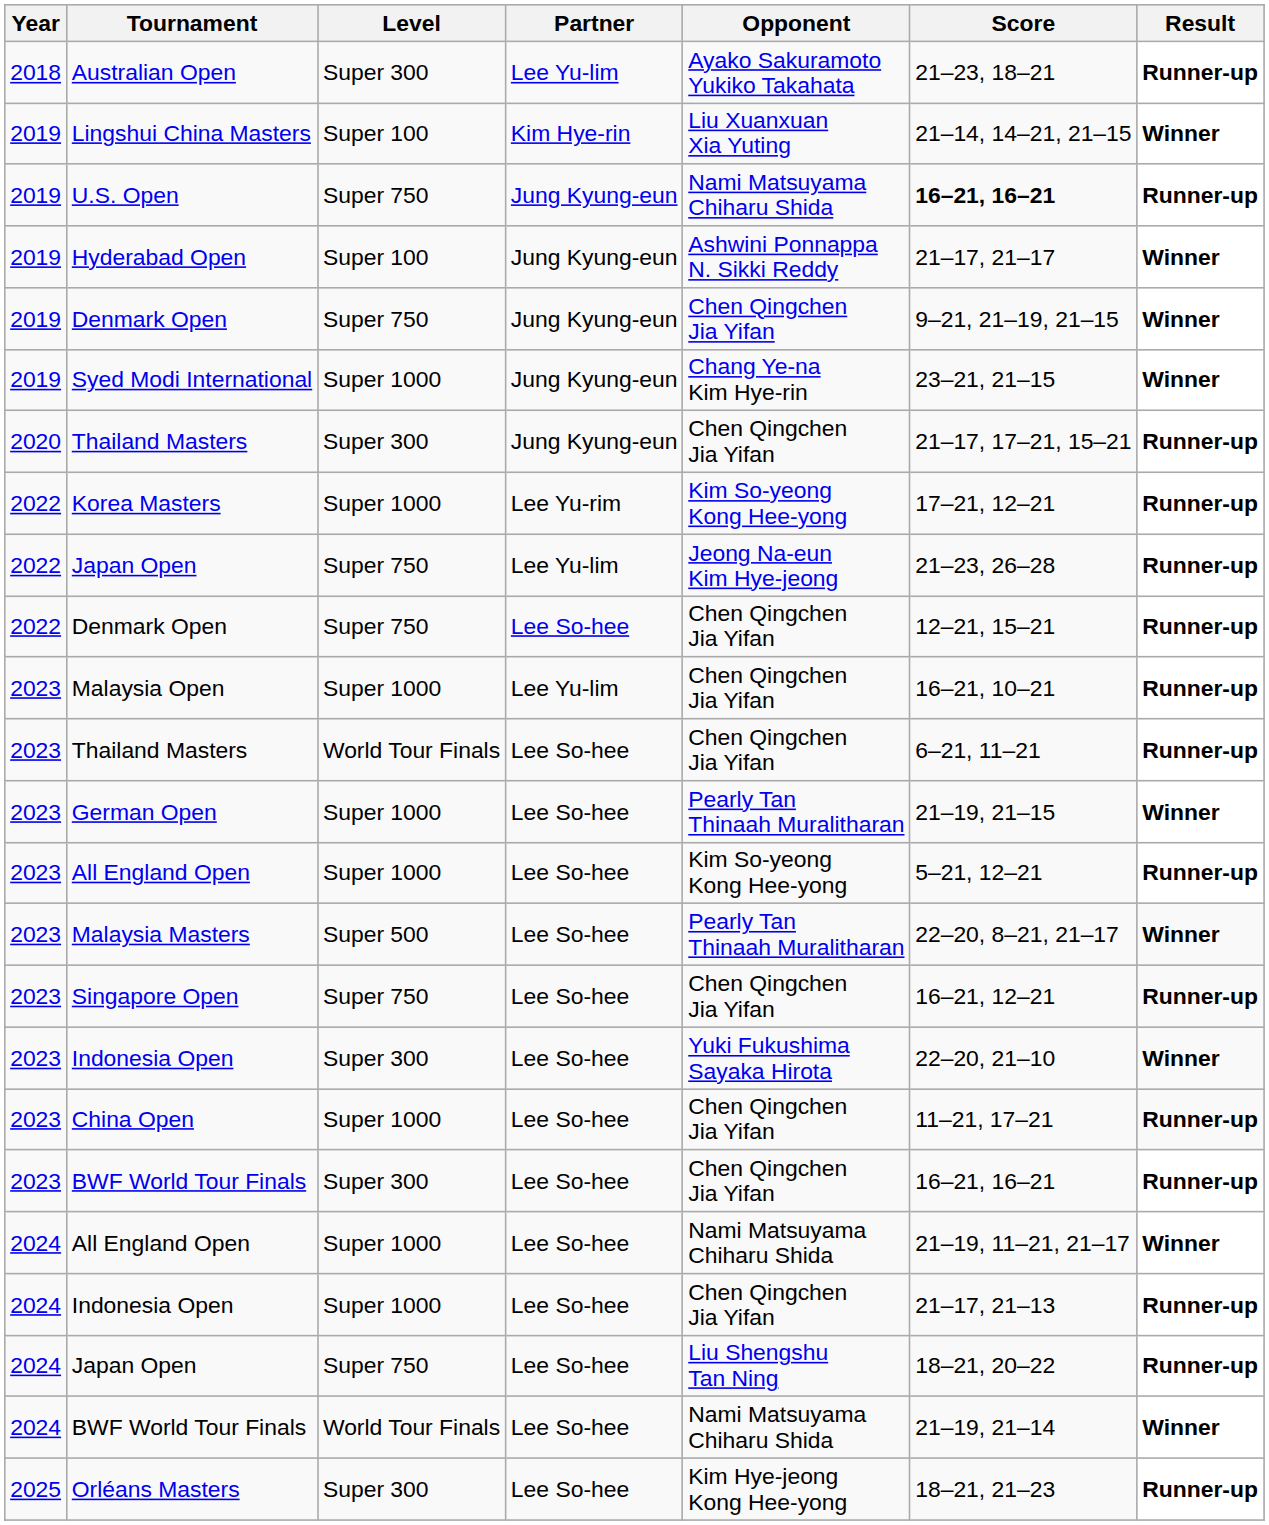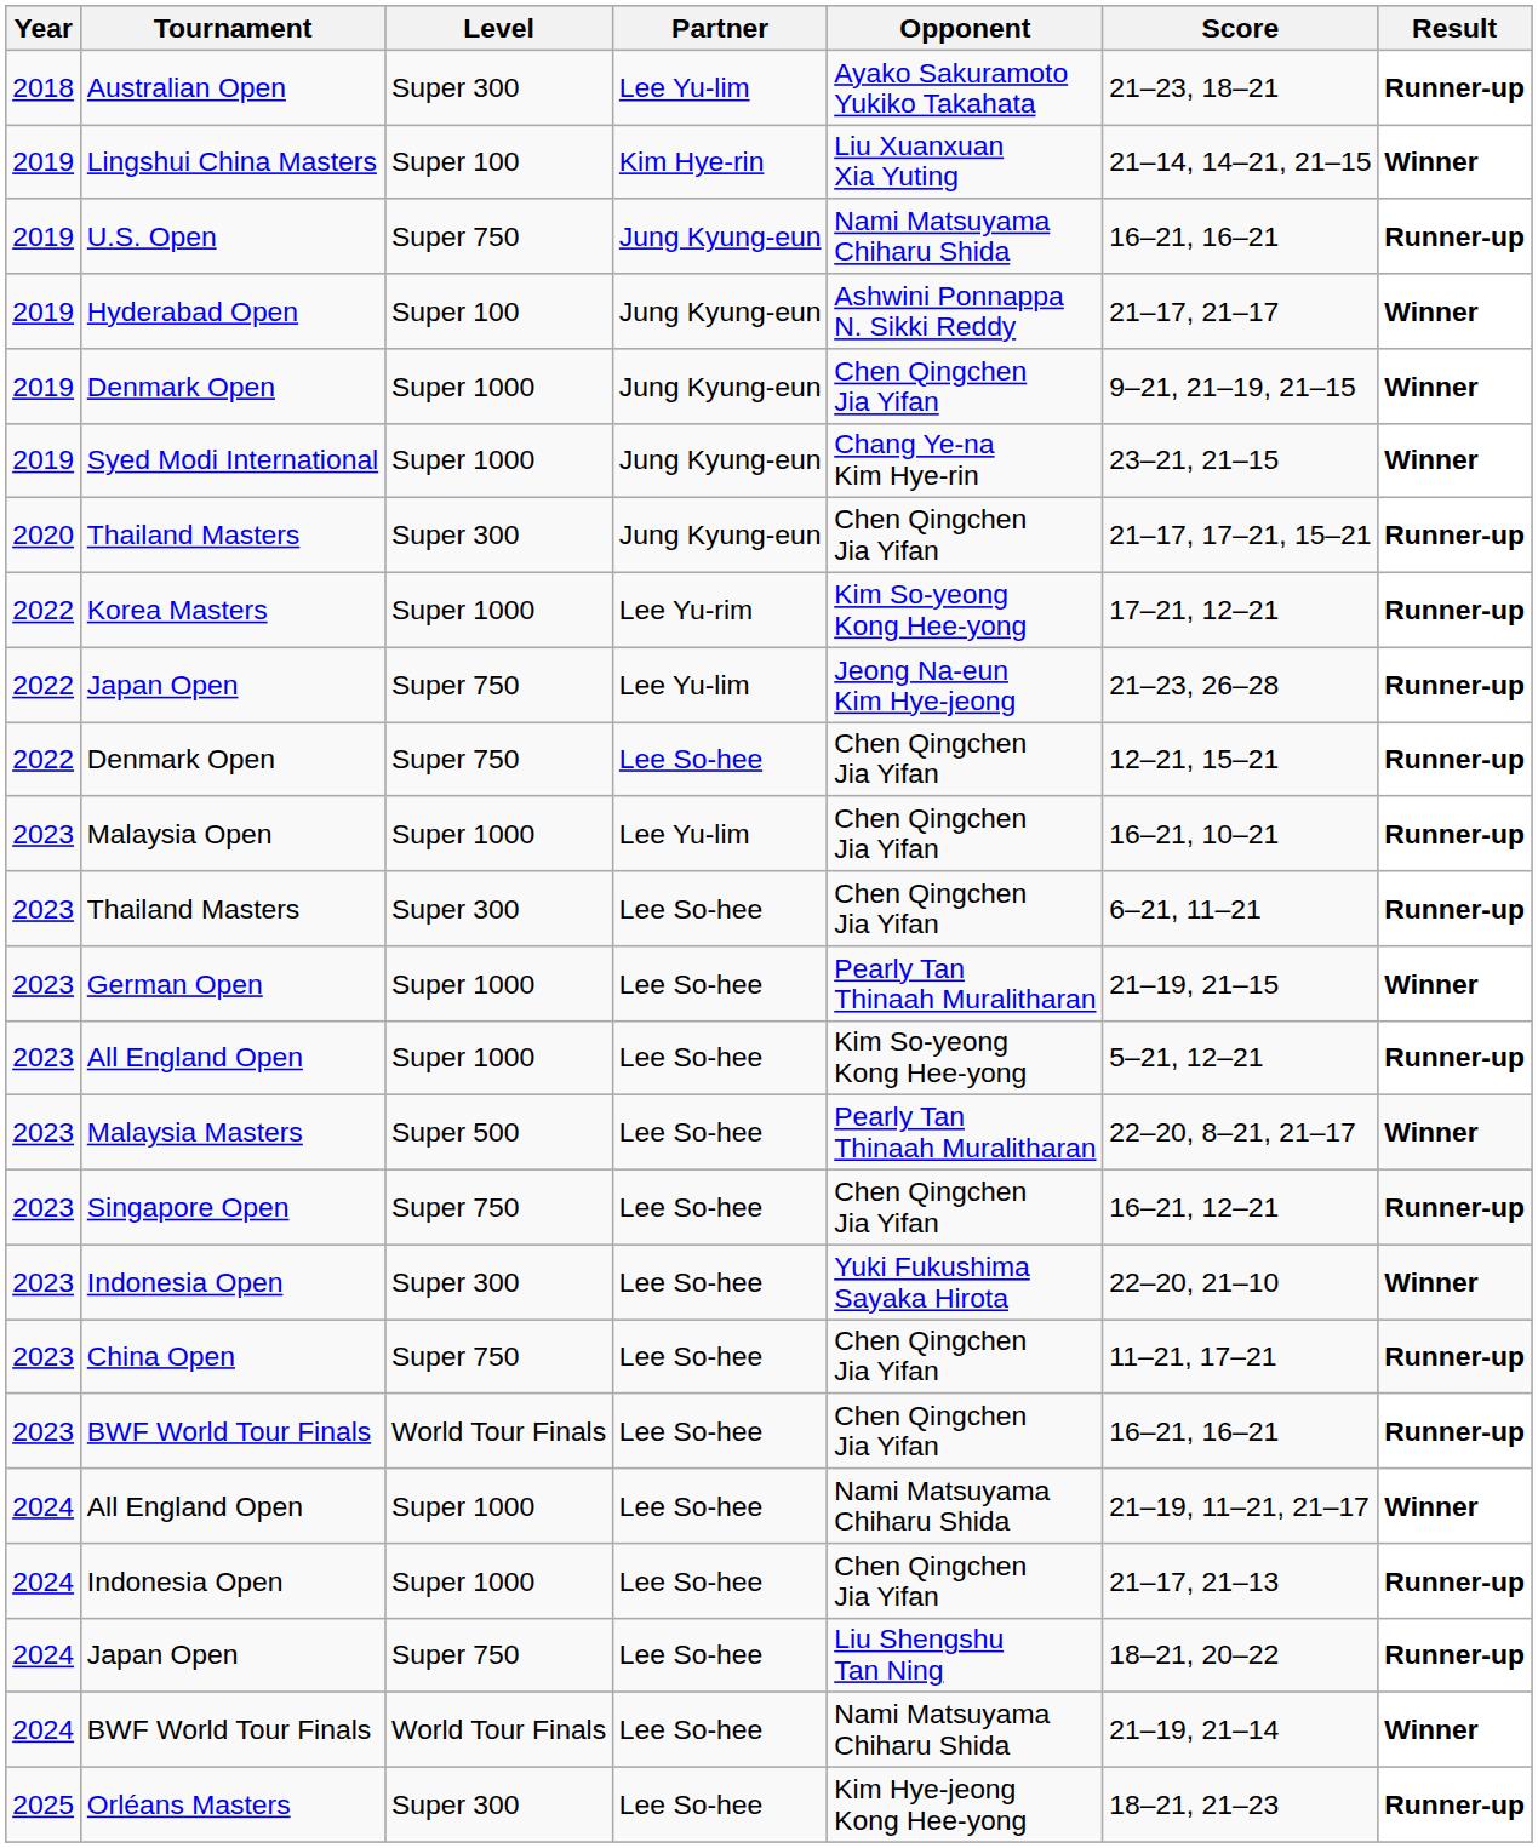 <table class="sortable wikitable" style="font-size: 90%;">
 <tr>
 <th>Year</th>
 <th>Tournament</th>
 <th>Level</th>
 <th>Partner</th>
 <th>Opponent</th>
 <th>Score</th>
 <th>Result</th>
 </tr>
 <tr>
 <td align="center"><a href='#'>2018</a></td>
 <td align="left"><a href='#'>Australian Open</a></td>
 <td align="left">Super 300</td>
 <td align="left"> <a href='#'>Lee Yu-lim</a></td>
 <td align="left"> <a href='#'>Ayako Sakuramoto</a><br> <a href='#'>Yukiko Takahata</a></td>
 <td align="left">21–23, 18–21</td>
 <td style="text-align:left; background:white"> <strong>Runner-up</strong></td>
 </tr>
 <tr>
 <td align="center"><a href='#'>2019</a></td>
 <td align="left"><a href='#'>Lingshui China Masters</a></td>
 <td align="left">Super 100</td>
 <td align="left"> <a href='#'>Kim Hye-rin</a></td>
 <td align="left"> <a href='#'>Liu Xuanxuan</a><br> <a href='#'>Xia Yuting</a></td>
 <td align="left">21–14, 14–21, 21–15</td>
 <td style="text-align:left; background:white"> <strong>Winner</strong></td>
 </tr>
 <tr>
 <td align="center"><a href='#'>2019</a></td>
 <td align="left"><a href='#'>U.S. Open</a></td>
 <td align="left">Super 750</td>
 <td align="left"> <a href='#'>Jung Kyung-eun</a></td>
 <td align="left"> <a href='#'>Nami Matsuyama</a><br> <a href='#'>Chiharu Shida</a></td>
-<td align="left"><strong>16–21, 16–21</strong></td>
+<td align="left">16–21, 16–21</td>
 <td style="text-align:left; background:white"> <strong>Runner-up</strong></td>
 </tr>
 <tr>
 <td align="center"><a href='#'>2019</a></td>
 <td align="left"><a href='#'>Hyderabad Open</a></td>
 <td align="left">Super 100</td>
 <td align="left"> Jung Kyung-eun</td>
 <td align="left"> <a href='#'>Ashwini Ponnappa</a><br> <a href='#'>N. Sikki Reddy</a></td>
 <td align="left">21–17, 21–17</td>
 <td style="text-align:left; background:white"> <strong>Winner</strong></td>
 </tr>
 <tr>
 <td align="center"><a href='#'>2019</a></td>
 <td align="left"><a href='#'>Denmark Open</a></td>
-<td align="left">Super 750</td>
+<td align="left">Super 1000</td>
 <td align="left"> Jung Kyung-eun</td>
 <td align="left"> <a href='#'>Chen Qingchen</a><br> <a href='#'>Jia Yifan</a></td>
 <td align="left">9–21, 21–19, 21–15</td>
 <td style="text-align:left; background:white"> <strong>Winner</strong></td>
 </tr>
 <tr>
 <td align="center"><a href='#'>2019</a></td>
 <td align="left"><a href='#'>Syed Modi International</a></td>
 <td align="left">Super 1000</td>
 <td align="left"> Jung Kyung-eun</td>
 <td align="left"> <a href='#'>Chang Ye-na</a><br> Kim Hye-rin</td>
 <td align="left">23–21, 21–15</td>
 <td style="text-align:left; background:white"> <strong>Winner</strong></td>
 </tr>
 <tr>
 <td align="center"><a href='#'>2020</a></td>
 <td align="left"><a href='#'>Thailand Masters</a></td>
 <td align="left">Super 300</td>
 <td align="left"> Jung Kyung-eun</td>
 <td align="left"> Chen Qingchen<br> Jia Yifan</td>
 <td align="left">21–17, 17–21, 15–21</td>
 <td style="text-align:left; background:white"> <strong>Runner-up</strong></td>
 </tr>
 <tr>
 <td align="center"><a href='#'>2022</a></td>
 <td align="left"><a href='#'>Korea Masters</a></td>
 <td align="left">Super 1000</td>
 <td align="left"> Lee Yu-rim</td>
 <td align="left"> <a href='#'>Kim So-yeong</a><br> <a href='#'>Kong Hee-yong</a></td>
 <td align="left">17–21, 12–21</td>
 <td style="text-align:left; background:white"> <strong>Runner-up</strong></td>
 </tr>
 <tr>
 <td align="center"><a href='#'>2022</a></td>
 <td align="left"><a href='#'>Japan Open</a></td>
 <td align="left">Super 750</td>
 <td align="left"> Lee Yu-lim</td>
 <td align="left"> <a href='#'>Jeong Na-eun</a><br> <a href='#'>Kim Hye-jeong</a></td>
 <td align="left">21–23, 26–28</td>
 <td style="text-align:left; background:white"> <strong>Runner-up</strong></td>
 </tr>
 <tr>
 <td align="center"><a href='#'>2022</a></td>
 <td align="left">Denmark Open</td>
 <td align="left">Super 750</td>
 <td align="left"> <a href='#'>Lee So-hee</a></td>
 <td align="left"> Chen Qingchen<br> Jia Yifan</td>
 <td align="left">12–21, 15–21</td>
 <td style="text-align:left; background:white"> <strong>Runner-up</strong></td>
 </tr>
 <tr>
 <td align="center"><a href='#'>2023</a></td>
 <td align="left">Malaysia Open</td>
 <td align="left">Super 1000</td>
 <td align="left"> Lee Yu-lim</td>
 <td align="left"> Chen Qingchen<br> Jia Yifan</td>
 <td align="left">16–21, 10–21</td>
 <td style="text-align:left; background:white"> <strong>Runner-up</strong></td>
 </tr>
 <tr>
 <td align="center"><a href='#'>2023</a></td>
 <td align="left">Thailand Masters</td>
-<td align="left">World Tour Finals</td>
+<td align="left">Super 300</td>
 <td align="left"> Lee So-hee</td>
 <td align="left"> Chen Qingchen<br> Jia Yifan</td>
 <td align="left">6–21, 11–21</td>
 <td style="text-align:left; background:white"> <strong>Runner-up</strong></td>
 </tr>
 <tr>
 <td align="center"><a href='#'>2023</a></td>
 <td align="left"><a href='#'>German Open</a></td>
 <td align="left">Super 1000</td>
 <td align="left"> Lee So-hee</td>
 <td align="left"> <a href='#'>Pearly Tan</a><br> <a href='#'>Thinaah Muralitharan</a></td>
 <td align="left">21–19, 21–15</td>
 <td style="text-align:left; background:white"> <strong>Winner</strong></td>
 </tr>
 <tr>
 <td align="center"><a href='#'>2023</a></td>
 <td align="left"><a href='#'>All England Open</a></td>
 <td align="left">Super 1000</td>
 <td align="left"> Lee So-hee</td>
 <td align="left"> Kim So-yeong<br> Kong Hee-yong</td>
 <td align="left">5–21, 12–21</td>
 <td style="text-align:left; background:white"> <strong>Runner-up</strong></td>
 </tr>
 <tr>
 <td align="center"><a href='#'>2023</a></td>
 <td align="left"><a href='#'>Malaysia Masters</a></td>
 <td align="left">Super 500</td>
 <td align="left"> Lee So-hee</td>
 <td align="left"> <a href='#'>Pearly Tan</a><br> <a href='#'>Thinaah Muralitharan</a></td>
 <td align="left">22–20, 8–21, 21–17</td>
 <td style="text-align:left; background:white”"> <strong>Winner</strong></td>
 </tr>
 <tr>
 <td align="center"><a href='#'>2023</a></td>
 <td align="left"><a href='#'>Singapore Open</a></td>
 <td align="left">Super 750</td>
 <td align="left"> Lee So-hee</td>
 <td align="left"> Chen Qingchen<br> Jia Yifan</td>
 <td align="left">16–21, 12–21</td>
 <td style="text-align:left; background:white”"> <strong>Runner-up</strong></td>
 </tr>
 <tr>
 <td align="center"><a href='#'>2023</a></td>
 <td align="left"><a href='#'>Indonesia Open</a></td>
 <td align="left">Super 300</td>
 <td align="left"> Lee So-hee</td>
 <td align="left"> <a href='#'>Yuki Fukushima</a><br> <a href='#'>Sayaka Hirota</a></td>
 <td align="left">22–20, 21–10</td>
 <td style="text-align:left; background:white”"> <strong>Winner</strong></td>
 </tr>
 <tr>
 <td align="center"><a href='#'>2023</a></td>
 <td align="left"><a href='#'>China Open</a></td>
-<td align="left">Super 1000</td>
+<td align="left">Super 750</td>
 <td align="left"> Lee So-hee</td>
 <td align="left"> Chen Qingchen<br> Jia Yifan</td>
 <td align="left">11–21, 17–21</td>
 <td style="text-align:left; background:white”"> <strong>Runner-up</strong></td>
 </tr>
 <tr>
 <td align="center"><a href='#'>2023</a></td>
 <td align="left"><a href='#'>BWF World Tour Finals</a></td>
-<td align="left">Super 300</td>
+<td align="left">World Tour Finals</td>
 <td align="left"> Lee So-hee</td>
 <td align="left"> Chen Qingchen<br> Jia Yifan</td>
 <td align="left">16–21, 16–21</td>
 <td style="text-align:left; background:white"> <strong>Runner-up</strong></td>
 </tr>
 <tr>
 <td align="center"><a href='#'>2024</a></td>
 <td align="left">All England Open</td>
 <td align="left">Super 1000</td>
 <td align="left"> Lee So-hee</td>
 <td align="left"> Nami Matsuyama<br> Chiharu Shida</td>
 <td align="left">21–19, 11–21, 21–17</td>
 <td style="text-align:left; background:white"> <strong>Winner</strong></td>
 </tr>
 <tr>
 <td align="center"><a href='#'>2024</a></td>
 <td align="left">Indonesia Open</td>
 <td align="left">Super 1000</td>
 <td align="left"> Lee So-hee</td>
 <td align="left"> Chen Qingchen<br> Jia Yifan</td>
 <td align="left">21–17, 21–13</td>
 <td style="text-align:left; background:white"> <strong>Runner-up</strong></td>
 </tr>
 <tr>
 <td align="center"><a href='#'>2024</a></td>
 <td align="left">Japan Open</td>
 <td align="left">Super 750</td>
 <td align="left"> Lee So-hee</td>
 <td align="left"> <a href='#'>Liu Shengshu</a><br> <a href='#'>Tan Ning</a></td>
 <td align="left">18–21, 20–22</td>
 <td style="text-align:left; background:white"> <strong>Runner-up</strong></td>
 </tr>
 <tr>
 <td align="center"><a href='#'>2024</a></td>
 <td align="left">BWF World Tour Finals</td>
 <td align="left">World Tour Finals</td>
 <td align="left"> Lee So-hee</td>
 <td align="left"> Nami Matsuyama<br> Chiharu Shida</td>
 <td align="left">21–19, 21–14</td>
 <td style="text-align:left; background:white"> <strong>Winner</strong></td>
 </tr>
 <tr>
 <td align="center"><a href='#'>2025</a></td>
 <td align="left"><a href='#'>Orléans Masters</a></td>
 <td align="left">Super 300</td>
 <td align="left"> Lee So-hee</td>
 <td align="left"> Kim Hye-jeong <br> Kong Hee-yong</td>
 <td align="left">18–21, 21–23</td>
 <td style="text-align:left; background: white"> <strong>Runner-up</strong></td>
 </tr>
 </table>
